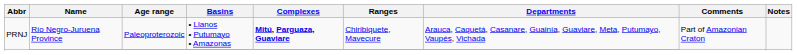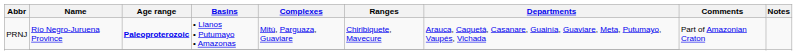 <table class="wikitable sortable" style="font-size: 80%">
 <tr>
 <th>Abbr</th>
 <th>Name</th>
 <th>Age range</th>
 <th width=100px><a href='#'>Basins</a></th>
 <th><a href='#'>Complexes</a></th>
 <th>Ranges</th>
 <th><a href='#'>Departments</a></th>
 <th>Comments</th>
 <th>Notes</th>
 </tr>
 <tr>
 <td align=center rowspan=2>PRNJ</td>
 <td><a href='#'>Río Negro-Juruena Province</a></td>
-<td style="background-color: "><a href='#'>Paleoproterozoic</a></td>
+<td style="background-color: "><strong><a href='#'>Paleoproterozoic</a></strong></td>
 <td>• <a href='#'>Llanos</a><br>• <a href='#'>Putumayo</a><br>• <a href='#'>Amazonas</a></td>
-<td><strong><a href='#'>Mitú</a>, <a href='#'>Parguaza</a>, <a href='#'>Guaviare</a></strong></td>
+<td><a href='#'>Mitú</a>, <a href='#'>Parguaza</a>, <a href='#'>Guaviare</a></td>
 <td><a href='#'>Chiribiquete</a>, <a href='#'>Mavecure</a></td>
 <td><a href='#'>Arauca</a>, <a href='#'>Caquetá</a>, <a href='#'>Casanare</a>, <a href='#'>Guainía</a>, <a href='#'>Guaviare</a>, <a href='#'>Meta</a>, <a href='#'>Putumayo</a>, <a href='#'>Vaupés</a>, <a href='#'>Vichada</a></td>
 <td rowspan=2>Part of <a href='#'>Amazonian Craton</a></td>
 <td align=center rowspan=2></td>
 </tr>
 <tr>
 </tr>
 </table>
